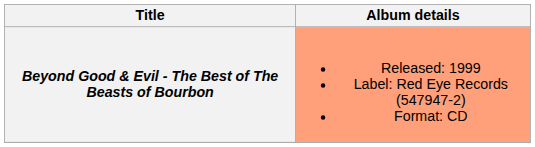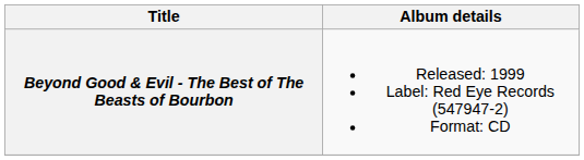 <table class="wikitable plainrowheaders" style="text-align:center;">
 <tr>
 <th scope="col" rowspan="1" style="width:20em;">Title</th>
 <th scope="col" rowspan="1" style="width:16em;">Album details</th>
 </tr>
 <tr>
 <th scope="row"><em>Beyond Good & Evil - The Best of The Beasts of Bourbon</em></th>
-<td style="background: lightsalmon;"><br><ul><li>Released: 1999</li><li>Label: Red Eye Records (547947-2)</li><li>Format: CD</li></ul></td>
+<td><br><ul><li>Released: 1999</li><li>Label: Red Eye Records (547947-2)</li><li>Format: CD</li></ul></td>
 </tr>
 <tr>
 </tr>
 </table>
